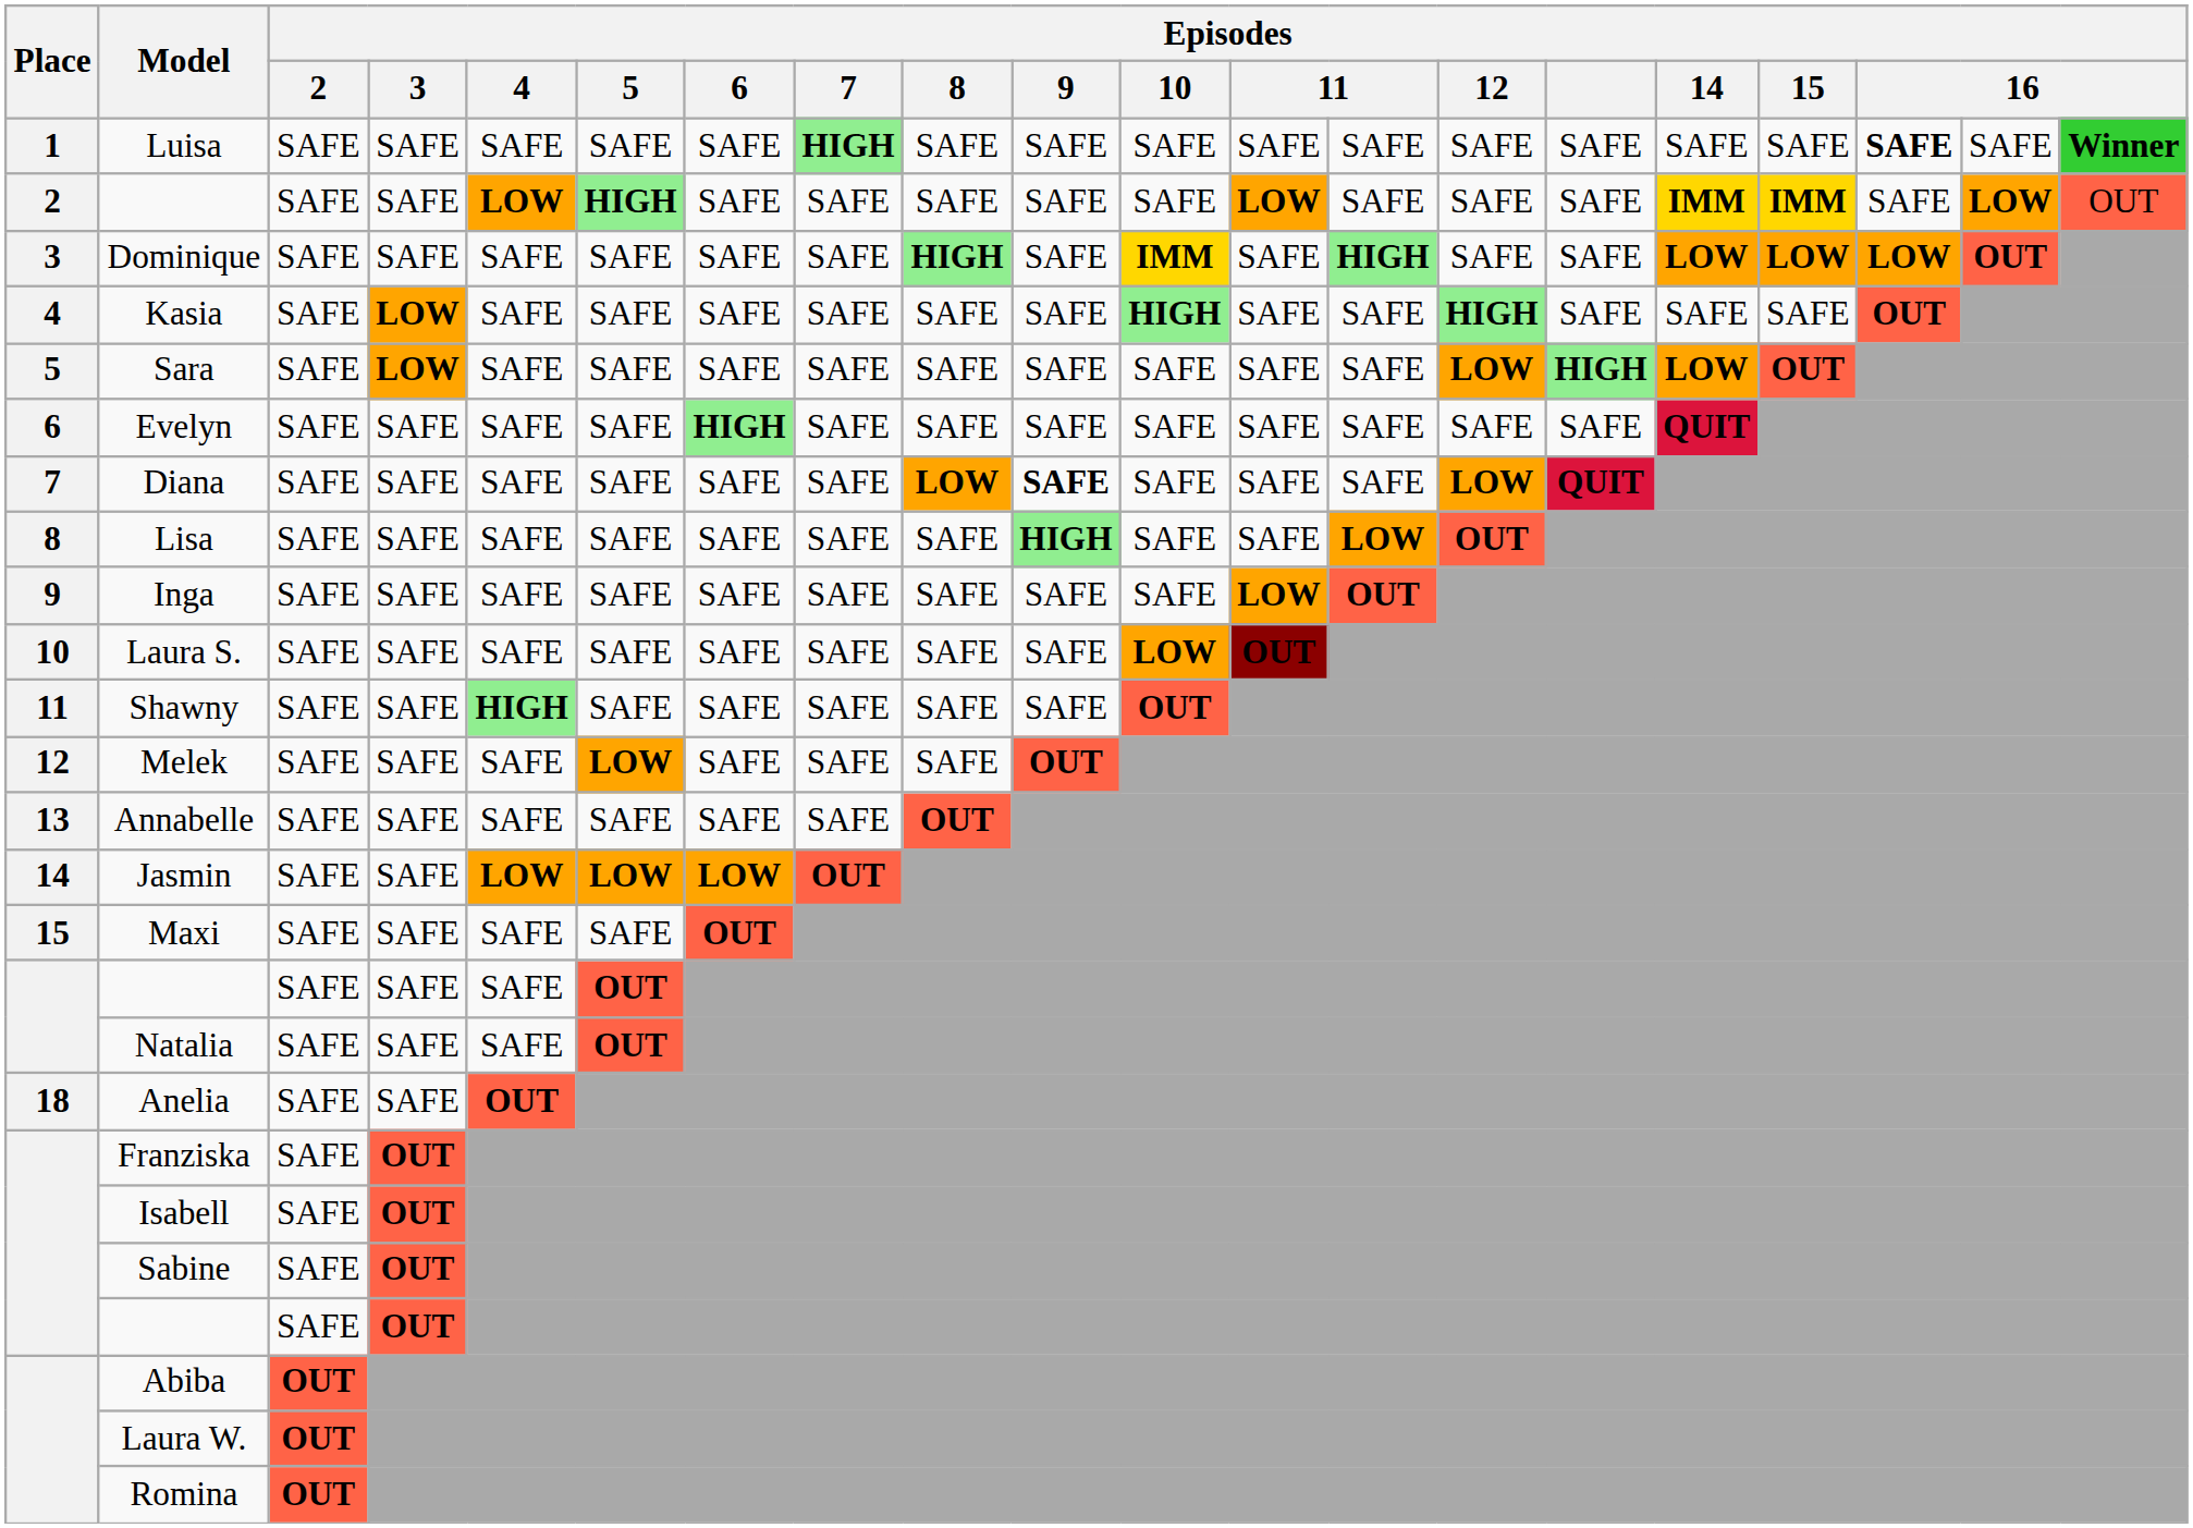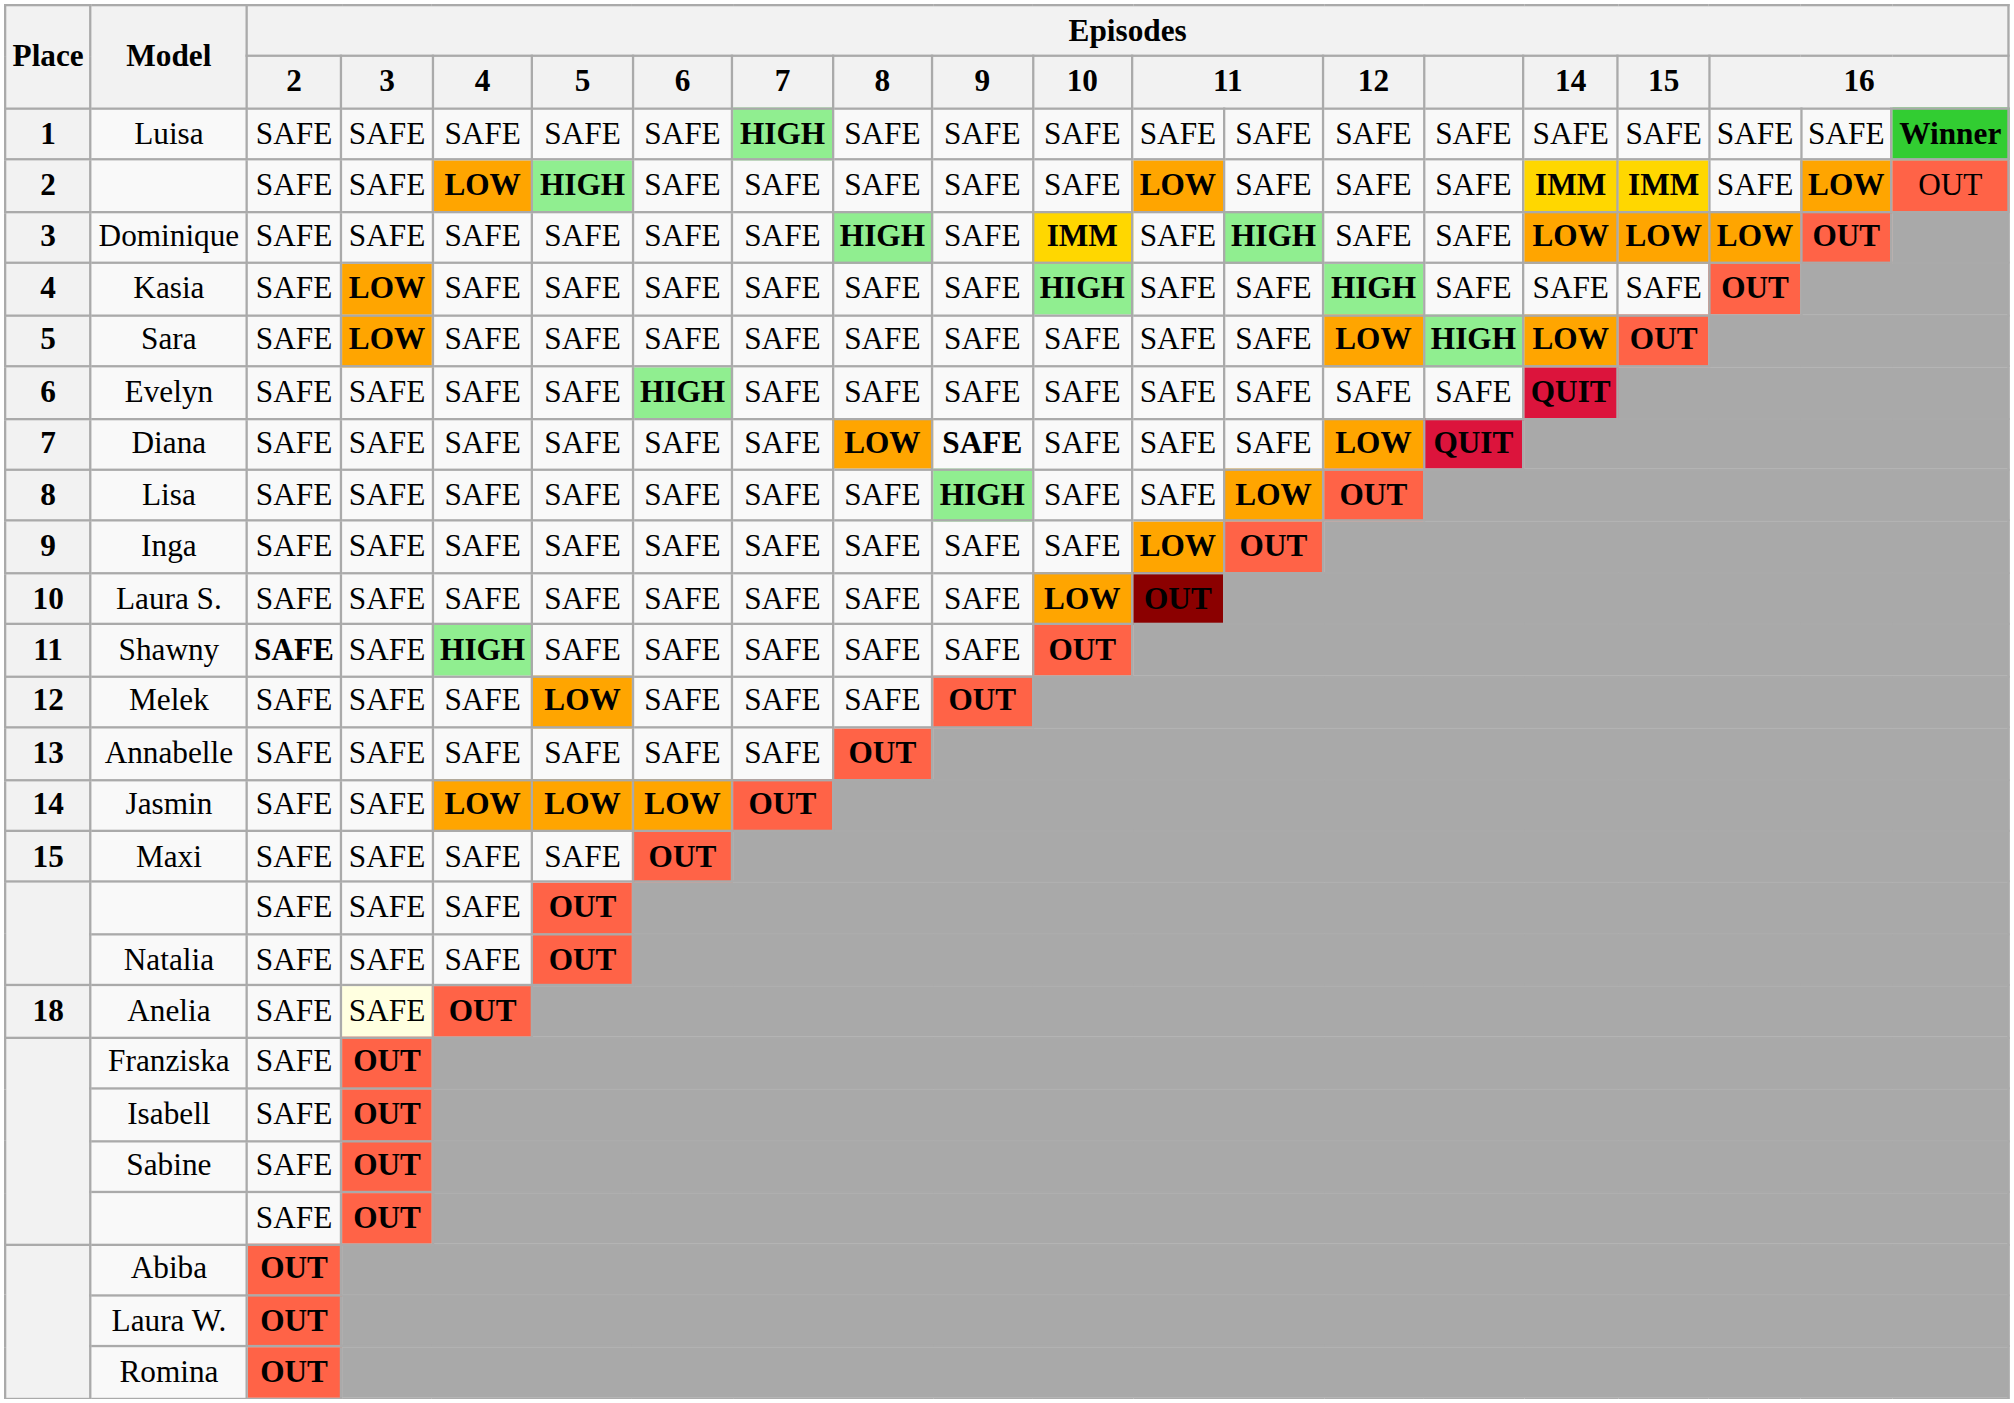 <table class="wikitable" style="width:50%; text-align:center; font-size:85%;">
 <tr>
 <th rowspan="2">Place</th>
 <th rowspan="2">Model</th>
 <th colspan="18">Episodes</th>
 </tr>
 <tr>
 <th>2</th>
 <th>3</th>
 <th>4</th>
 <th>5</th>
 <th>6</th>
 <th>7</th>
 <th>8</th>
 <th>9</th>
 <th>10</th>
 <th colspan="2">11</th>
 <th>12</th>
 <th></th>
 <th>14</th>
 <th>15</th>
 <th colspan="3">16</th>
 </tr>
 <tr>
 <th>1</th>
 <td>Luisa</td>
 <td>SAFE</td>
 <td>SAFE</td>
 <td>SAFE</td>
 <td>SAFE</td>
 <td>SAFE</td>
 <td style="background:lightgreen;"><strong>HIGH</strong></td>
 <td>SAFE</td>
 <td>SAFE</td>
 <td>SAFE</td>
 <td>SAFE</td>
 <td>SAFE</td>
 <td>SAFE</td>
 <td>SAFE</td>
 <td>SAFE</td>
 <td>SAFE</td>
-<td><strong>SAFE</strong></td>
+<td>SAFE</td>
 <td>SAFE</td>
 <td style="background:limegreen;"><strong>Winner</strong></td>
 </tr>
 <tr>
 <th>2</th>
 <td></td>
 <td>SAFE</td>
 <td>SAFE</td>
 <td style="background:orange;"><strong>LOW</strong></td>
 <td style="background:lightgreen;"><strong>HIGH</strong></td>
 <td>SAFE</td>
 <td>SAFE</td>
 <td>SAFE</td>
 <td>SAFE</td>
 <td>SAFE</td>
 <td style="background:orange;"><strong>LOW</strong></td>
 <td>SAFE</td>
 <td>SAFE</td>
 <td>SAFE</td>
 <td style="background:gold;"><strong>IMM</strong></td>
 <td style="background:gold;"><strong>IMM</strong></td>
 <td>SAFE</td>
 <td style="background:orange;"><strong>LOW</strong></td>
 <td style="background:tomato;">OUT</td>
 </tr>
 <tr>
 <th>3</th>
 <td>Dominique</td>
 <td>SAFE</td>
 <td>SAFE</td>
 <td>SAFE</td>
 <td>SAFE</td>
 <td>SAFE</td>
 <td>SAFE</td>
 <td style="background:lightgreen;"><strong>HIGH</strong></td>
 <td>SAFE</td>
 <td style="background:gold;"><strong>IMM</strong></td>
 <td>SAFE</td>
 <td style="background:lightgreen;"><strong>HIGH</strong></td>
 <td>SAFE</td>
 <td>SAFE</td>
 <td style="background:orange;"><strong>LOW</strong></td>
 <td style="background:orange;"><strong>LOW</strong></td>
 <td style="background:orange;"><strong>LOW</strong></td>
 <td style="background:tomato;"><strong>OUT</strong></td>
 <td style="background:darkgrey;" colspan="12"></td>
 </tr>
 <tr>
 <th>4</th>
 <td>Kasia</td>
 <td>SAFE</td>
 <td style="background:orange;"><strong>LOW</strong></td>
 <td>SAFE</td>
 <td>SAFE</td>
 <td>SAFE</td>
 <td>SAFE</td>
 <td>SAFE</td>
 <td>SAFE</td>
 <td style="background:lightgreen;"><strong>HIGH</strong></td>
 <td>SAFE</td>
 <td>SAFE</td>
 <td style="background:lightgreen;"><strong>HIGH</strong></td>
 <td>SAFE</td>
 <td>SAFE</td>
 <td>SAFE</td>
 <td style="background:tomato;"><strong>OUT</strong></td>
 <td style="background:darkgrey;" colspan="12"></td>
 </tr>
 <tr>
 <th>5</th>
 <td>Sara</td>
 <td>SAFE</td>
 <td style="background:orange;"><strong>LOW</strong></td>
 <td>SAFE</td>
 <td>SAFE</td>
 <td>SAFE</td>
 <td>SAFE</td>
 <td>SAFE</td>
 <td>SAFE</td>
 <td>SAFE</td>
 <td>SAFE</td>
 <td>SAFE</td>
 <td style="background:orange;"><strong>LOW</strong></td>
 <td style="background:lightgreen;"><strong>HIGH</strong></td>
 <td style="background:orange;"><strong>LOW</strong></td>
 <td style="background:tomato;"><strong>OUT</strong></td>
 <td style="background:darkgrey;" colspan="12"></td>
 </tr>
 <tr>
 <th>6</th>
 <td>Evelyn</td>
 <td>SAFE</td>
 <td>SAFE</td>
 <td>SAFE</td>
 <td>SAFE</td>
 <td style="background:lightgreen;"><strong>HIGH</strong></td>
 <td>SAFE</td>
 <td>SAFE</td>
 <td>SAFE</td>
 <td>SAFE</td>
 <td>SAFE</td>
 <td>SAFE</td>
 <td>SAFE</td>
 <td>SAFE</td>
 <td style="background:crimson;"><span><strong>QUIT</strong></span></td>
 <td style="background:darkgrey;" colspan="12"></td>
 </tr>
 <tr>
 <th>7</th>
 <td>Diana</td>
 <td>SAFE</td>
 <td>SAFE</td>
 <td>SAFE</td>
 <td>SAFE</td>
 <td>SAFE</td>
 <td>SAFE</td>
 <td style="background:orange;"><strong>LOW</strong></td>
 <td><strong>SAFE</strong></td>
 <td>SAFE</td>
 <td>SAFE</td>
 <td>SAFE</td>
 <td style="background:orange;"><strong>LOW</strong></td>
 <td style="background:crimson;"><span><strong>QUIT</strong></span></td>
 <td style="background:darkgrey;" colspan="12"></td>
 </tr>
 <tr>
 <th>8</th>
 <td>Lisa</td>
 <td>SAFE</td>
 <td>SAFE</td>
 <td>SAFE</td>
 <td>SAFE</td>
 <td>SAFE</td>
 <td>SAFE</td>
 <td>SAFE</td>
 <td style="background:lightgreen;"><strong>HIGH</strong></td>
 <td>SAFE</td>
 <td>SAFE</td>
 <td style="background:orange;"><strong>LOW</strong></td>
 <td style="background:tomato;"><strong>OUT</strong></td>
 <td style="background:darkgrey;" colspan="12"></td>
 </tr>
 <tr>
 <th>9</th>
 <td>Inga</td>
 <td>SAFE</td>
 <td>SAFE</td>
 <td>SAFE</td>
 <td>SAFE</td>
 <td>SAFE</td>
 <td>SAFE</td>
 <td>SAFE</td>
 <td>SAFE</td>
 <td>SAFE</td>
 <td style="background:orange;"><strong>LOW</strong></td>
 <td style="background:tomato;"><strong>OUT</strong></td>
 <td style="background:darkgrey;" colspan="12"></td>
 </tr>
 <tr>
 <th>10</th>
 <td>Laura S.</td>
 <td>SAFE</td>
 <td>SAFE</td>
 <td>SAFE</td>
 <td>SAFE</td>
 <td>SAFE</td>
 <td>SAFE</td>
 <td>SAFE</td>
 <td>SAFE</td>
 <td style="background:orange;"><strong>LOW</strong></td>
 <td style="background:darkred;"><span><strong>OUT</strong></span></td>
 <td style="background:darkgrey;" colspan="17"></td>
 </tr>
 <tr>
 <th>11</th>
 <td>Shawny</td>
-<td>SAFE</td>
+<td><strong>SAFE</strong></td>
 <td>SAFE</td>
 <td style="background:lightgreen;"><strong>HIGH</strong></td>
 <td>SAFE</td>
 <td>SAFE</td>
 <td>SAFE</td>
 <td>SAFE</td>
 <td>SAFE</td>
 <td style="background:tomato;"><strong>OUT</strong></td>
 <td style="background:darkgrey;" colspan="12"></td>
 </tr>
 <tr>
 <th>12</th>
 <td>Melek</td>
 <td>SAFE</td>
 <td>SAFE</td>
 <td>SAFE</td>
 <td style="background:orange;"><strong>LOW</strong></td>
 <td>SAFE</td>
 <td>SAFE</td>
 <td>SAFE</td>
 <td style="background:tomato;"><strong>OUT</strong></td>
 <td style="background:darkgrey;" colspan="12"></td>
 </tr>
 <tr>
 <th>13</th>
 <td>Annabelle</td>
 <td>SAFE</td>
 <td>SAFE</td>
 <td>SAFE</td>
 <td>SAFE</td>
 <td>SAFE</td>
 <td>SAFE</td>
 <td style="background:tomato;"><strong>OUT</strong></td>
 <td style="background:darkgrey;" colspan="12"></td>
 </tr>
 <tr>
 <th>14</th>
 <td>Jasmin</td>
 <td>SAFE</td>
 <td>SAFE</td>
 <td style="background:orange;"><strong>LOW</strong></td>
 <td style="background:orange;"><strong>LOW</strong></td>
 <td style="background:orange;"><strong>LOW</strong></td>
 <td style="background:tomato;"><strong>OUT</strong></td>
 <td style="background:darkgrey;" colspan="15"></td>
 </tr>
 <tr>
 <th>15</th>
 <td>Maxi</td>
 <td>SAFE</td>
 <td>SAFE</td>
 <td>SAFE</td>
 <td>SAFE</td>
 <td style="background:tomato;"><strong>OUT</strong></td>
 <td style="background:darkgrey;" colspan="15"></td>
 </tr>
 <tr>
 <th rowspan="2"></th>
 <td></td>
 <td>SAFE</td>
 <td>SAFE</td>
 <td>SAFE</td>
 <td style="background:tomato;"><strong>OUT</strong></td>
 <td style="background:darkgrey;" colspan="15"></td>
 </tr>
 <tr>
 <td>Natalia</td>
 <td>SAFE</td>
 <td>SAFE</td>
 <td>SAFE</td>
 <td style="background:tomato;"><strong>OUT</strong></td>
 <td style="background:darkgrey;" colspan="15"></td>
 </tr>
 <tr>
 <th>18</th>
 <td>Anelia</td>
 <td>SAFE</td>
-<td>SAFE</td>
+<td style="background: lightyellow;">SAFE</td>
 <td style="background:tomato;"><strong>OUT</strong></td>
 <td style="background:darkgrey;" colspan="15"></td>
 </tr>
 <tr>
 <th rowspan="4"></th>
 <td>Franziska</td>
 <td>SAFE</td>
 <td style="background:tomato;"><strong>OUT</strong></td>
 <td style="background:darkgrey;" colspan="17"></td>
 </tr>
 <tr>
 <td>Isabell</td>
 <td>SAFE</td>
 <td style="background:tomato;"><strong>OUT</strong></td>
 <td style="background:darkgrey;" colspan="17"></td>
 </tr>
 <tr>
 <td>Sabine</td>
 <td>SAFE</td>
 <td style="background:tomato;"><strong>OUT</strong></td>
 <td style="background:darkgrey;" colspan="17"></td>
 </tr>
 <tr>
 <td></td>
 <td>SAFE</td>
 <td style="background:tomato;"><strong>OUT</strong></td>
 <td style="background:darkgrey;" colspan="17"></td>
 </tr>
 <tr>
 <th rowspan="3"></th>
 <td>Abiba</td>
 <td style="background:tomato;"><strong>OUT</strong></td>
 <td style="background:darkgrey;" colspan="17"></td>
 </tr>
 <tr>
 <td>Laura W.</td>
 <td style="background:tomato;"><strong>OUT</strong></td>
 <td style="background:darkgrey;" colspan="17"></td>
 </tr>
 <tr>
 <td>Romina</td>
 <td style="background:tomato;"><strong>OUT</strong></td>
 <td style="background:darkgrey;" colspan="17"></td>
 </tr>
 </table>
